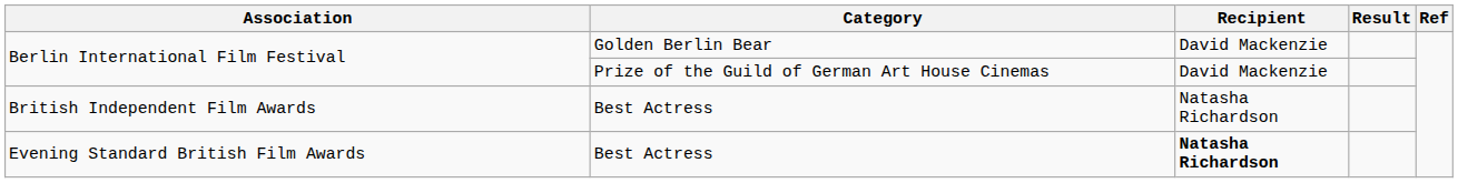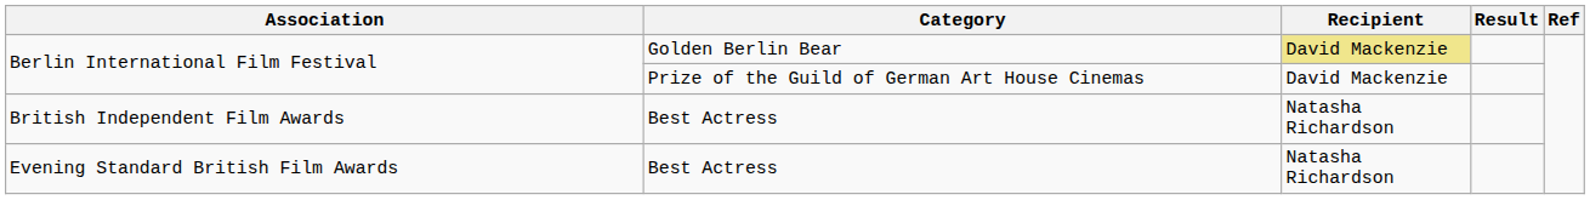 <table class="wikitable">
 <tr>
 <th scope="col" style="width:35em;">Association</th>
 <th scope="col" style="width:35em;">Category</th>
 <th scope="col" style="width:10em;">Recipient</th>
 <th scope="col" style="width:1em;">Result</th>
 <th scope="col" style="width:1em;">Ref</th>
 </tr>
 <tr>
 <td rowspan="2">Berlin International Film Festival</td>
 <td>Golden Berlin Bear</td>
-<td>David Mackenzie</td>
+<td style="background: khaki;">David Mackenzie</td>
 <td></td>
 <td rowspan="4"></td>
 </tr>
 <tr>
 <td>Prize of the Guild of German Art House Cinemas</td>
 <td>David Mackenzie</td>
 <td></td>
 </tr>
 <tr>
 <td>British Independent Film Awards</td>
 <td>Best Actress</td>
 <td>Natasha Richardson</td>
 <td></td>
 </tr>
 <tr>
 <td>Evening Standard British Film Awards</td>
 <td>Best Actress</td>
-<td><strong>Natasha Richardson</strong></td>
+<td>Natasha Richardson</td>
 <td></td>
 </tr>
 </table>
